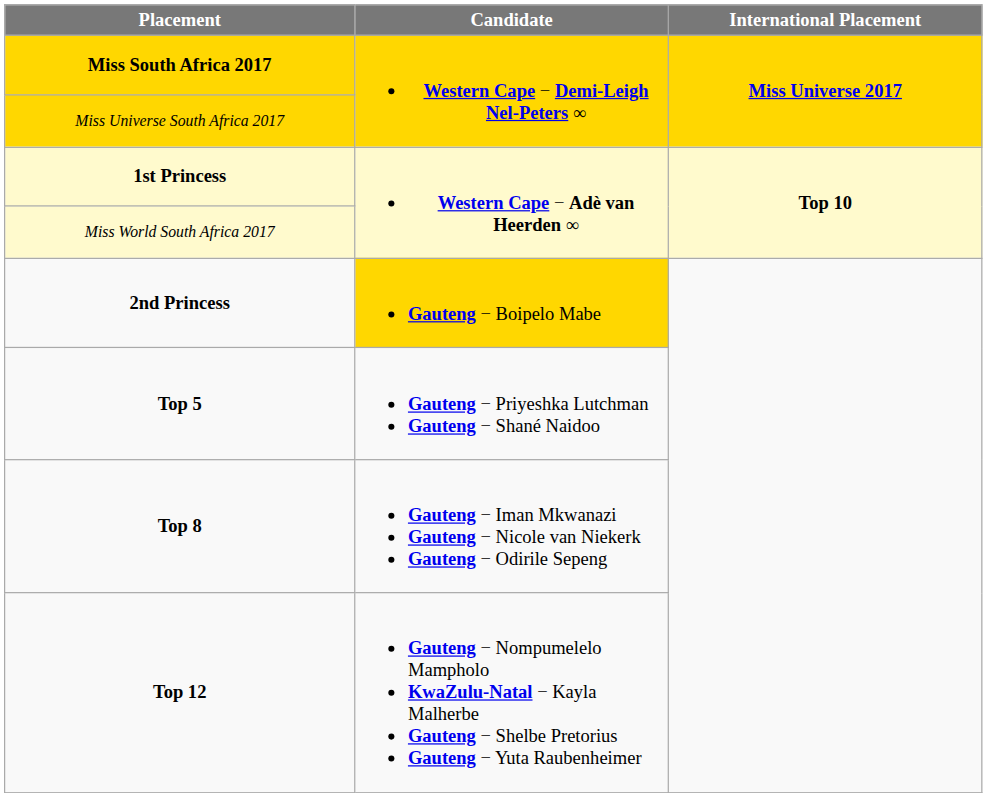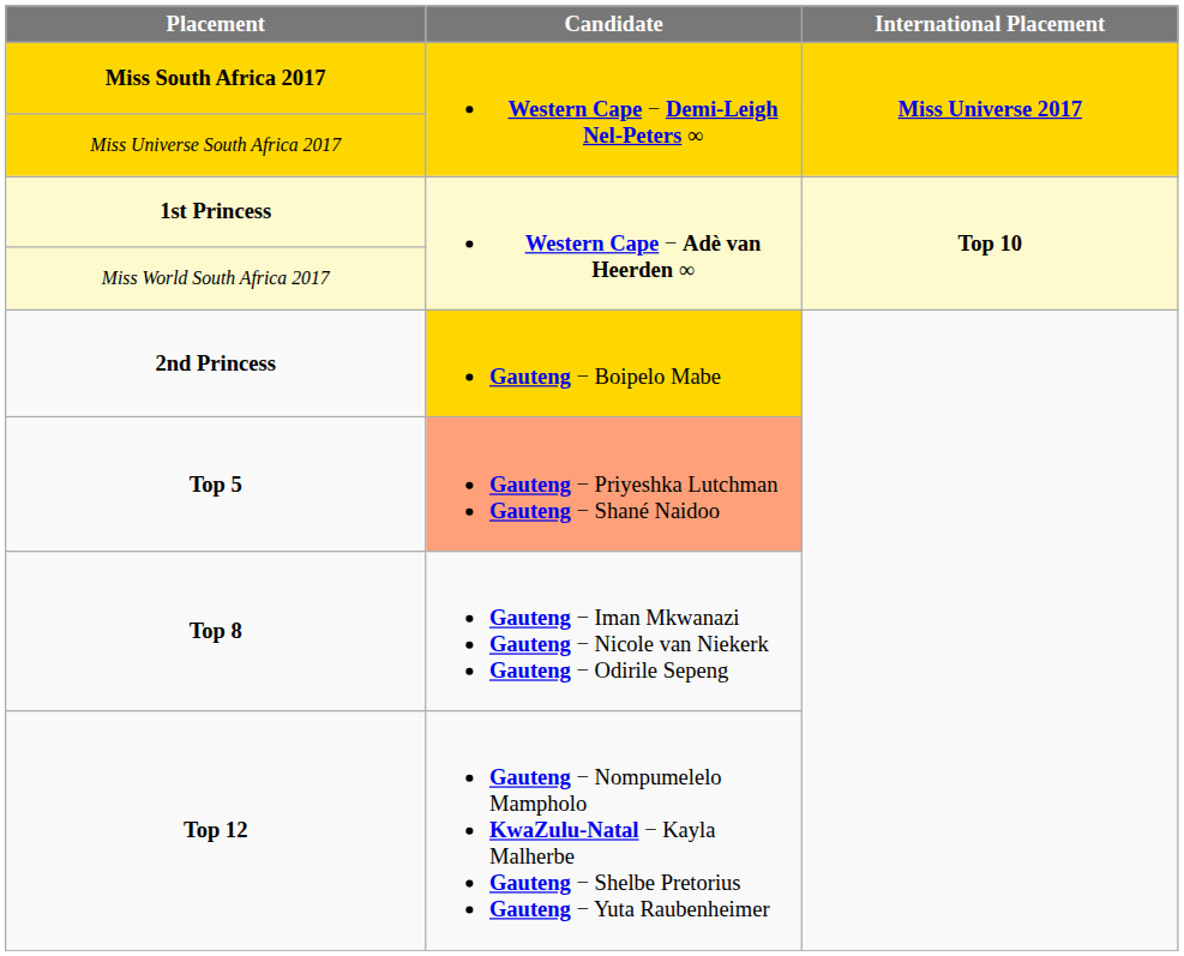 <table class="wikitable sortable" style="font-size: 95%;">
 <tr>
 <th style="width:280px;background-color:#787878;color:#FFFFFF;">Placement</th>
 <th style="width:250px;background-color:#787878;color:#FFFFFF;">Candidate</th>
 <th style="width:250px;background-color:#787878;color:#FFFFFF;">International Placement</th>
 </tr>
 <tr align="center" style="background:gold">
 <td style="text-align:center;"><strong>Miss South Africa 2017</strong></td>
 <td rowspan=2><br><ul><li><strong><a href='#'>Western Cape</a></strong> − <strong><a href='#'>Demi-Leigh Nel-Peters</a></strong> ∞</li></ul></td>
 <td rowspan="2"><strong><a href='#'>Miss Universe 2017</a></strong></td>
 </tr>
 <tr align="center" style="background:gold">
 <td style="text-align:center; font-size:85%"><em>Miss Universe South Africa 2017</em></td>
 </tr>
 <tr align="center" style="background:#FFFACD">
 <td style="text-align:center;"><strong>1st Princess</strong></td>
 <td rowspan=2><br><ul><li><strong><a href='#'>Western Cape</a></strong> − <strong>Adè van Heerden</strong> ∞</li></ul></td>
 <td rowspan= "2"><strong>Top 10</strong></td>
 </tr>
 <tr align="center" style="background:#FFFACD">
 <td style="text-align:center; font-size:85%"><em>Miss World South Africa 2017</em></td>
 </tr>
 <tr>
 <td style="text-align:center;"><strong> 2nd Princess</strong></td>
 <td style="background: gold;"><br><ul><li><strong><a href='#'>Gauteng</a></strong> − Boipelo Mabe</li></ul></td>
 </tr>
 <tr>
 <td style="text-align:center;"><strong>Top 5</strong></td>
-<td><br><ul><li><strong><a href='#'>Gauteng</a></strong> − Priyeshka Lutchman</li><li><strong><a href='#'>Gauteng</a></strong> − Shané Naidoo</li></ul></td>
+<td style="background: lightsalmon;"><br><ul><li><strong><a href='#'>Gauteng</a></strong> − Priyeshka Lutchman</li><li><strong><a href='#'>Gauteng</a></strong> − Shané Naidoo</li></ul></td>
 </tr>
 <tr>
 <td style="text-align:center;"><strong>Top 8</strong></td>
 <td><br><ul><li><strong><a href='#'>Gauteng</a></strong> − Iman Mkwanazi</li><li><strong><a href='#'>Gauteng</a></strong> − Nicole van Niekerk</li><li><strong><a href='#'>Gauteng</a></strong> − Odirile Sepeng</li></ul></td>
 </tr>
 <tr>
 <td style="text-align:center;"><strong>Top 12</strong></td>
 <td><br><ul><li><strong><a href='#'>Gauteng</a></strong> − Nompumelelo Mampholo</li><li><strong><a href='#'>KwaZulu-Natal</a></strong> − Kayla Malherbe</li><li><strong><a href='#'>Gauteng</a></strong> − Shelbe Pretorius</li><li><strong><a href='#'>Gauteng</a></strong> − Yuta Raubenheimer</li></ul></td>
 </tr>
 </table>
